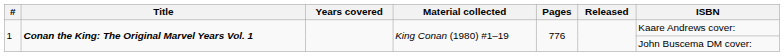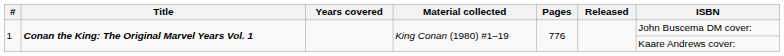 <table class="wikitable sortable" width=99%>
 <tr>
 <th class="unsortable" width=20px>#</th>
 <th>Title</th>
 <th>Years covered</th>
 <th class="unsortable">Material collected</th>
 <th>Pages</th>
 <th>Released</th>
 <th class="unsortable">ISBN</th>
 </tr>
 <tr>
 <td rowspan=2>1</td>
 <td rowspan=2><strong><em>Conan the King: The Original Marvel Years Vol. 1</em></strong></td>
 <td rowspan=2></td>
 <td rowspan=2><em>King Conan</em> (1980) #1–19</td>
 <td style="text-align: center;" rowspan=2>776</td>
 <td rowspan=2></td>
+<td>John Buscema DM cover: </td>
+</tr>
+<tr>
 <td>Kaare Andrews cover: </td>
 </tr>
-<tr>
-<td>John Buscema DM cover: </td>
-</tr>
 </table>
